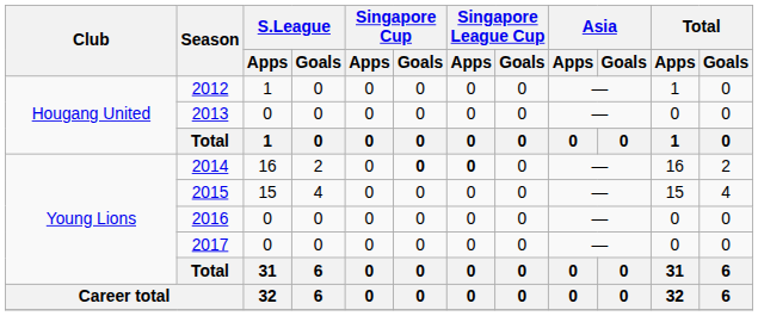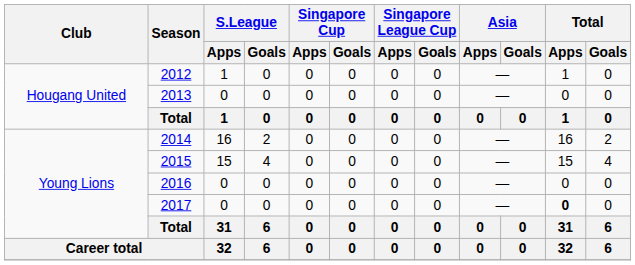 <table class="wikitable" style="text-align:center">
 <tr>
 <th rowspan=2 width=160>Club</th>
 <th rowspan=2>Season</th>
 <th colspan=2><a href='#'>S.League</a></th>
 <th colspan=2><a href='#'>Singapore Cup</a></th>
 <th colspan=2><a href='#'>Singapore<br>League Cup</a></th>
 <th colspan="2"><a href='#'>Asia</a></th>
 <th colspan=2>Total</th>
 </tr>
 <tr>
 <th width=40>Apps</th>
 <th width=40>Goals</th>
 <th width=40>Apps</th>
 <th width=40>Goals</th>
 <th width=40>Apps</th>
 <th width=40>Goals</th>
 <th width=40>Apps</th>
 <th width=40>Goals</th>
 <th width=40>Apps</th>
 <th width=40>Goals</th>
 </tr>
 <tr>
 <td rowspan=3><a href='#'>Hougang United</a></td>
 <td><a href='#'>2012</a></td>
 <td>1</td>
 <td>0</td>
 <td>0</td>
 <td>0</td>
 <td>0</td>
 <td>0</td>
 <td colspan='2'>—</td>
 <td>1</td>
 <td>0</td>
 </tr>
 <tr>
 <td><a href='#'>2013</a></td>
 <td>0</td>
 <td>0</td>
 <td>0</td>
 <td>0</td>
 <td>0</td>
 <td>0</td>
 <td colspan='2'>—</td>
 <td>0</td>
 <td>0</td>
 </tr>
 <tr>
 <th>Total</th>
 <th>1</th>
 <th>0</th>
 <th>0</th>
 <th>0</th>
 <th>0</th>
 <th>0</th>
 <th>0</th>
 <th>0</th>
 <th>1</th>
 <th>0</th>
 </tr>
 <tr>
 <td rowspan=5><a href='#'>Young Lions</a></td>
 <td><a href='#'>2014</a></td>
 <td>16</td>
 <td>2</td>
 <td>0</td>
-<td><strong>0</strong></td>
-<td><strong>0</strong></td>
+<td>0</td>
+<td>0</td>
 <td>0</td>
 <td colspan='2'>—</td>
 <td>16</td>
 <td>2</td>
 </tr>
 <tr>
 <td><a href='#'>2015</a></td>
 <td>15</td>
 <td>4</td>
 <td>0</td>
 <td>0</td>
 <td>0</td>
 <td>0</td>
 <td colspan='2'>—</td>
 <td>15</td>
 <td>4</td>
 </tr>
 <tr>
 <td><a href='#'>2016</a></td>
 <td>0</td>
 <td>0</td>
 <td>0</td>
 <td>0</td>
 <td>0</td>
 <td>0</td>
 <td colspan='2'>—</td>
 <td>0</td>
 <td>0</td>
 </tr>
 <tr>
 <td><a href='#'>2017</a></td>
 <td>0</td>
 <td>0</td>
 <td>0</td>
 <td>0</td>
 <td>0</td>
 <td>0</td>
 <td colspan='2'>—</td>
-<td>0</td>
+<td><strong>0</strong></td>
 <td>0</td>
 </tr>
 <tr>
 <th>Total</th>
 <th>31</th>
 <th>6</th>
 <th>0</th>
 <th>0</th>
 <th>0</th>
 <th>0</th>
 <th>0</th>
 <th>0</th>
 <th>31</th>
 <th>6</th>
 </tr>
 <tr>
 <th colspan="2">Career total</th>
 <th>32</th>
 <th>6</th>
 <th>0</th>
 <th>0</th>
 <th>0</th>
 <th>0</th>
 <th>0</th>
 <th>0</th>
 <th>32</th>
 <th>6</th>
 </tr>
 <tr>
 </tr>
 </table>
